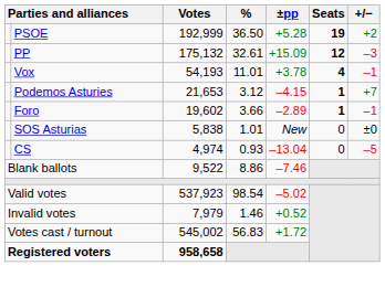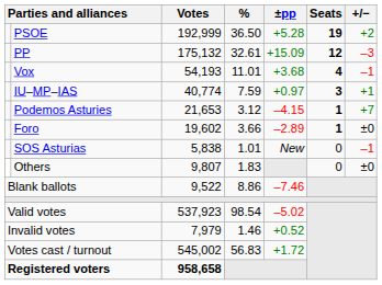 <table class="wikitable" style="text-align:right;">
 <tr>
 <th style="text-align:left;" colspan="2" width="200">Parties and alliances</th>
 <th width="75">Votes</th>
 <th width="45">%</th>
 <th width="45">±<a href='#'>pp</a></th>
 <th width="35">Seats</th>
 <th width="35">+/−</th>
 </tr>
 <tr>
 <td width="1" style="color:inherit;background:"></td>
 <td align="left"><a href='#'>PSOE</a></td>
 <td>192,999</td>
 <td>36.50</td>
 <td style="color:green;">+5.28</td>
 <td><strong>19</strong></td>
 <td style="color:green;">+2</td>
 </tr>
 <tr>
 <td style="color:inherit;background:"></td>
 <td align="left"><a href='#'>PP</a></td>
 <td>175,132</td>
 <td>32.61</td>
 <td style="color:green;">+15.09</td>
 <td><strong>12</strong></td>
 <td style="color:red;">–3</td>
 </tr>
 <tr>
 <td style="color:inherit;background:"></td>
 <td align="left"><a href='#'>Vox</a></td>
 <td>54,193</td>
 <td>11.01</td>
-<td style="color:green;">+3.78</td>
+<td style="color:green;">+3.68</td>
 <td><strong>4</strong></td>
 <td style="color:red;">–1</td>
+</tr>
+<tr>
+<td style="color:inherit;background:"></td>
+<td align="left"><a href='#'>IU</a>–<a href='#'>MP</a>–<a href='#'>IAS</a></td>
+<td>40,774</td>
+<td>7.59</td>
+<td style="color:green;">+0.97</td>
+<td><strong>3</strong></td>
+<td style="color:green;">+1</td>
 </tr>
 <tr>
 <td style="color:inherit;background:"></td>
 <td align="left"><a href='#'>Podemos Asturies</a></td>
 <td>21,653</td>
 <td>3.12</td>
 <td style="color:red;">–4.15</td>
 <td><strong>1</strong></td>
 <td style="color:green;">+7</td>
 </tr>
 <tr>
 <td style="color:inherit;background:"></td>
 <td align="left"><a href='#'>Foro</a></td>
 <td>19,602</td>
 <td>3.66</td>
 <td style="color:red;">–2.89</td>
 <td><strong>1</strong></td>
-<td style="color:red;">–1</td>
+<td>±0</td>
 </tr>
 <tr>
 <td style="color:inherit;background:"></td>
 <td align="left"><a href='#'>SOS Asturias</a></td>
 <td>5,838</td>
 <td>1.01</td>
 <td><em>New</em></td>
 <td>0</td>
-<td>±0</td>
+<td style="color:red;">–1</td>
 </tr>
 <tr>
-<td style="color:inherit;background:"></td>
-<td align="left"><a href='#'>CS</a></td>
-<td>4,974</td>
-<td>0.93</td>
-<td style="color:red;">–13.04</td>
+<td bgcolor="white"></td>
+<td align="left">Others</td>
+<td>9,807</td>
+<td>1.83</td>
+<td bgcolor="#E9E9E9"></td>
 <td>0</td>
-<td style="color:red;">–5</td>
+<td>±0</td>
 </tr>
 <tr>
 <td align="left" colspan="2">Blank ballots</td>
 <td>9,522</td>
 <td>8.86</td>
 <td style="color:red;">–7.46</td>
 <td bgcolor="#E9E9E9" colspan="2"></td>
 </tr>
 <tr>
 <td colspan="7" bgcolor="#E9E9E9"></td>
 </tr>
 <tr>
 <td align="left" colspan="2">Valid votes</td>
 <td>537,923</td>
 <td>98.54</td>
 <td style="color:red;">–5.02</td>
 <td bgcolor="#E9E9E9" colspan="2" rowspan="4"></td>
 </tr>
 <tr>
 <td align="left" colspan="2">Invalid votes</td>
 <td>7,979</td>
 <td>1.46</td>
 <td style="color:green;">+0.52</td>
 </tr>
 <tr>
 <td align="left" colspan="2">Votes cast / turnout</td>
 <td>545,002</td>
 <td>56.83</td>
 <td style="color:green;">+1.72</td>
 </tr>
 <tr style="font-weight:bold;">
 <td align="left" colspan="2">Registered voters</td>
 <td>958,658</td>
 <td bgcolor="#E9E9E9" colspan="2"></td>
 </tr>
 </table>
